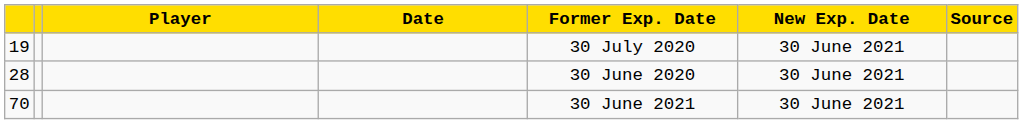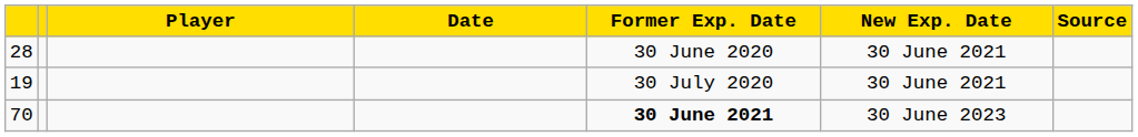 <table class="wikitable sortable">
 <tr>
 <th style="background:#FFDE00"></th>
 <th style="background:#FFDE00"></th>
 <th width=200 style="background:#FFDE00">Player</th>
 <th width=150 style="background:#FFDE00">Date</th>
 <th width=150 style="background:#FFDE00">Former Exp. Date</th>
 <th width=150 style="background:#FFDE00">New Exp. Date</th>
 <th style="background:#FFDE00">Source</th>
 </tr>
 <tr>
+<td align=center>28</td>
+<td align=center></td>
+<td></td>
+<td align=center></td>
+<td align=center>30 June 2020</td>
+<td align=center>30 June 2021</td>
+<td align=center></td>
+</tr>
+<tr>
 <td align=center>19</td>
 <td align=center></td>
 <td></td>
 <td align=center></td>
 <td align=center>30 July 2020</td>
 <td align=center>30 June 2021</td>
 <td align=center></td>
 </tr>
 <tr>
-<td align=center>28</td>
-<td align=center></td>
-<td></td>
-<td align=center></td>
-<td align=center>30 June 2020</td>
-<td align=center>30 June 2021</td>
-<td align=center></td>
-</tr>
-<tr>
 <td align=center>70</td>
 <td align=center></td>
 <td></td>
 <td align=center></td>
-<td align=center>30 June 2021</td>
-<td align=center>30 June 2021</td>
+<td align=center><strong>30 June 2021</strong></td>
+<td align=center>30 June 2023</td>
 <td align=center></td>
 </tr>
 </table>
